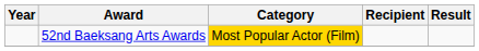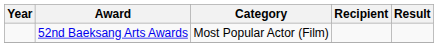 <table class="wikitable">
 <tr>
 <th>Year</th>
 <th>Award</th>
 <th>Category</th>
 <th>Recipient</th>
 <th>Result</th>
 </tr>
 <tr>
 <td></td>
 <td><a href='#'>52nd Baeksang Arts Awards</a></td>
-<td style="background: gold;">Most Popular Actor (Film)</td>
+<td>Most Popular Actor (Film)</td>
 <td></td>
 <td></td>
 </tr>
 <tr>
 </tr>
 </table>
